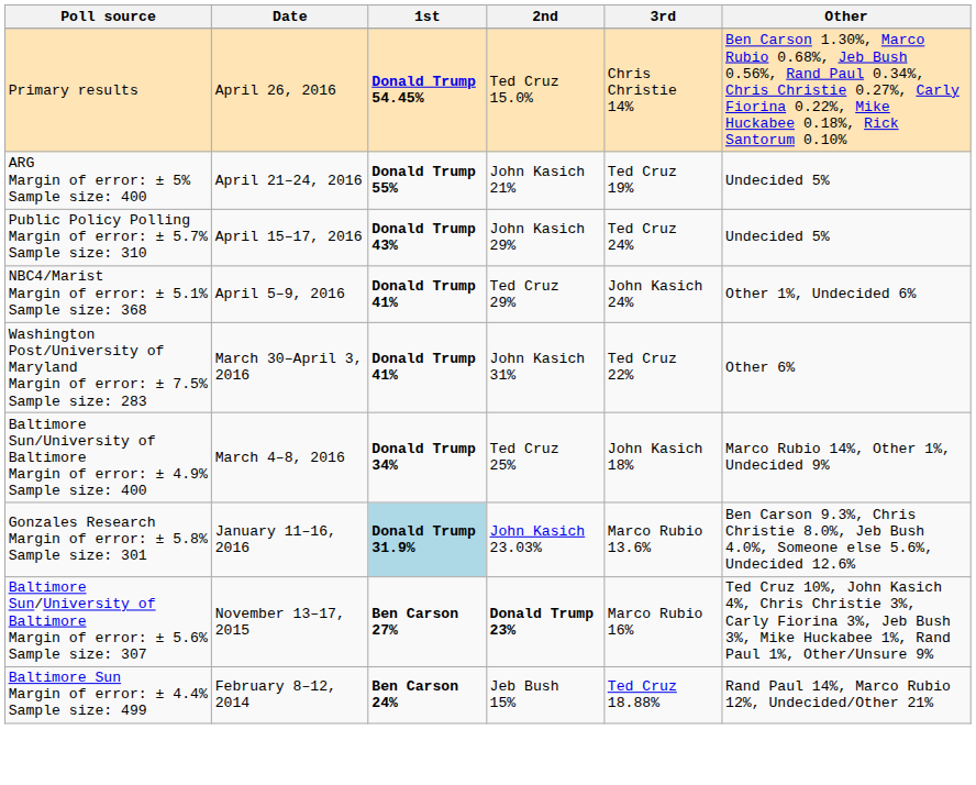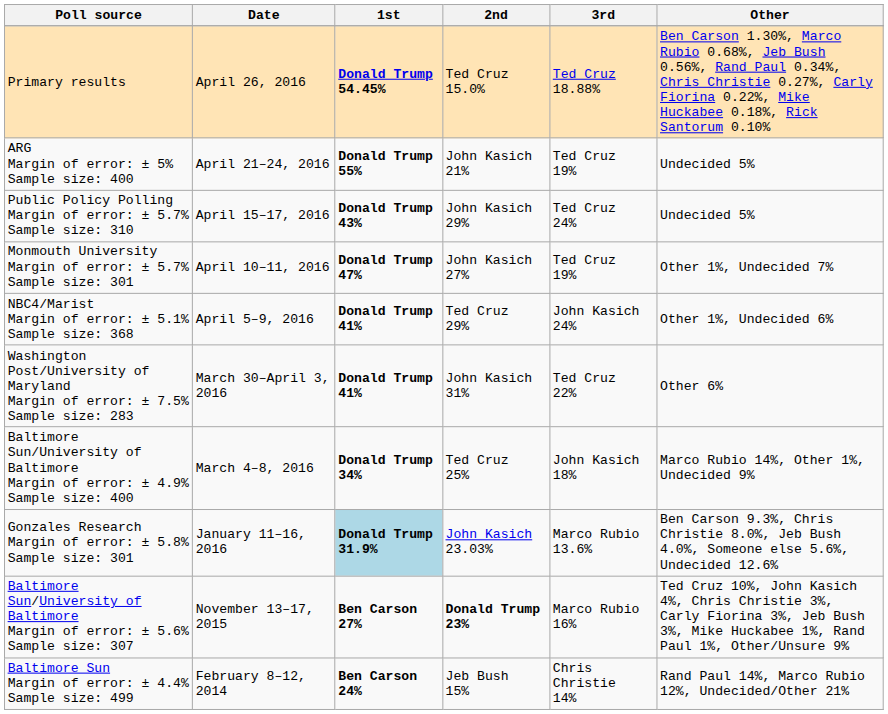 <table class="wikitable">
 <tr>
 <th style="width:180px;">Poll source</th>
 <th style="width:135px;">Date</th>
 <th style="width:100px;">1st</th>
 <th style="width:100px;">2nd</th>
 <th style="width:100px;">3rd</th>
 <th>Other</th>
 </tr>
 <tr>
 </tr>
 <tr style="background:Moccasin;">
 <td>Primary results</td>
 <td>April 26, 2016</td>
 <td><strong><a href='#'>Donald Trump</a><br>54.45%</strong></td>
 <td>Ted Cruz<br>15.0%</td>
-<td>Chris Christie<br>14%</td>
+<td><a href='#'>Ted Cruz</a><br>18.88%</td>
 <td><a href='#'>Ben Carson</a> 1.30%, <a href='#'>Marco Rubio</a> 0.68%, <a href='#'>Jeb Bush</a> 0.56%, <a href='#'>Rand Paul</a> 0.34%, <a href='#'>Chris Christie</a> 0.27%, <a href='#'>Carly Fiorina</a> 0.22%, <a href='#'>Mike Huckabee</a> 0.18%, <a href='#'>Rick Santorum</a> 0.10%</td>
 </tr>
 <tr>
 <td>ARG<br>Margin of error: ± 5% <br>Sample size: 400</td>
 <td>April 21–24, 2016</td>
 <td><strong>Donald Trump<br>55%</strong></td>
 <td>John Kasich<br>21%</td>
 <td>Ted Cruz<br>19%</td>
 <td>Undecided 5%</td>
 </tr>
 <tr>
 <td>Public Policy Polling<br>Margin of error: ± 5.7% <br>Sample size: 310</td>
 <td>April 15–17, 2016</td>
 <td><strong>Donald Trump<br>43%</strong></td>
 <td>John Kasich<br>29%</td>
 <td>Ted Cruz<br>24%</td>
 <td>Undecided 5%</td>
+</tr>
+<tr>
+<td>Monmouth University<br>Margin of error: ± 5.7% <br>Sample size: 301</td>
+<td>April 10–11, 2016</td>
+<td><strong>Donald Trump<br>47%</strong></td>
+<td>John Kasich<br>27%</td>
+<td>Ted Cruz<br>19%</td>
+<td>Other 1%, Undecided 7%</td>
 </tr>
 <tr>
 <td>NBC4/Marist<br>Margin of error: ± 5.1% <br>Sample size: 368</td>
 <td>April 5–9, 2016</td>
 <td><strong>Donald Trump<br>41%</strong></td>
 <td>Ted Cruz<br>29%</td>
 <td>John Kasich<br>24%</td>
 <td>Other 1%, Undecided 6%</td>
 </tr>
 <tr>
 <td>Washington Post/University of Maryland<br>Margin of error: ± 7.5% <br>Sample size: 283</td>
 <td>March 30–April 3, 2016</td>
 <td><strong>Donald Trump<br>41%</strong></td>
 <td>John Kasich<br>31%</td>
 <td>Ted Cruz<br>22%</td>
 <td>Other 6%</td>
 </tr>
 <tr>
 <td>Baltimore Sun/University of Baltimore<br>Margin of error: ± 4.9% <br>Sample size: 400</td>
 <td>March 4–8, 2016</td>
 <td><strong>Donald Trump<br>34%</strong></td>
 <td>Ted Cruz<br>25%</td>
 <td>John Kasich<br>18%</td>
 <td>Marco Rubio 14%, Other 1%, Undecided 9%</td>
 </tr>
 <tr>
 <td>Gonzales Research<br>Margin of error: ± 5.8% <br>Sample size: 301</td>
 <td>January 11–16, 2016</td>
 <td style="background: lightblue;"><strong>Donald Trump<br>31.9%</strong></td>
 <td><a href='#'>John Kasich</a><br>23.03%</td>
 <td>Marco Rubio<br>13.6%</td>
 <td>Ben Carson 9.3%, Chris Christie 8.0%, Jeb Bush 4.0%, Someone else 5.6%, Undecided 12.6%</td>
 </tr>
 <tr>
 <td><a href='#'>Baltimore Sun</a>/<a href='#'>University of Baltimore</a><br>Margin of error: ± 5.6% <br>Sample size: 307</td>
 <td>November 13–17, 2015</td>
 <td><strong>Ben Carson<br>27%</strong></td>
 <td><strong>Donald Trump<br>23%</strong></td>
 <td>Marco Rubio<br>16%</td>
 <td>Ted Cruz 10%, John Kasich 4%, Chris Christie 3%, Carly Fiorina 3%, Jeb Bush 3%, Mike Huckabee 1%, Rand Paul 1%, Other/Unsure 9%</td>
 </tr>
 <tr>
 <td><a href='#'>Baltimore Sun</a><br>Margin of error: ± 4.4% <br>Sample size: 499</td>
 <td>February 8–12, 2014</td>
 <td><strong>Ben Carson<br>24%</strong></td>
 <td>Jeb Bush<br>15%</td>
-<td><a href='#'>Ted Cruz</a><br>18.88%</td>
+<td>Chris Christie<br>14%</td>
 <td>Rand Paul 14%, Marco Rubio 12%, Undecided/Other 21%</td>
 </tr>
 </table>
